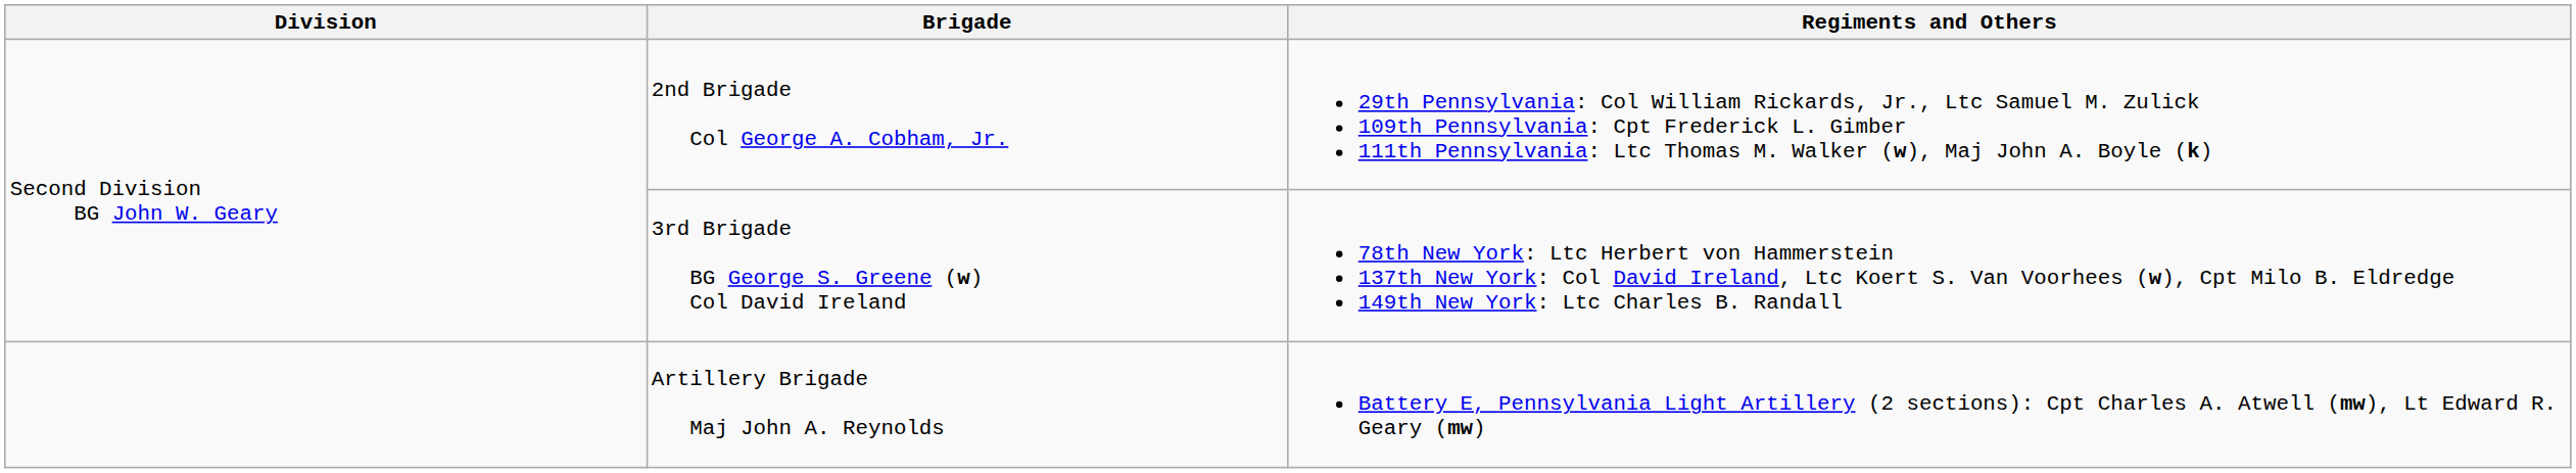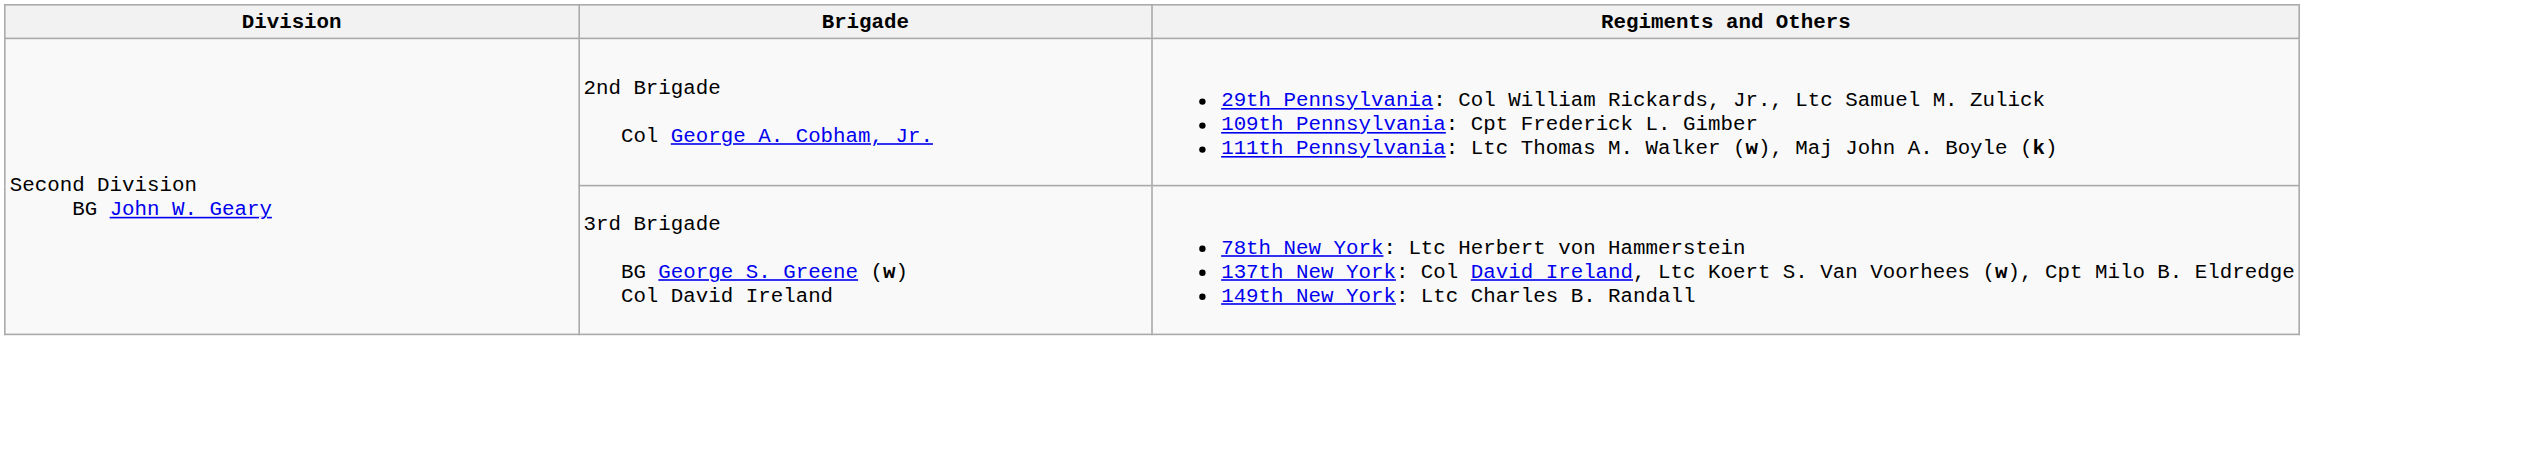 <table class="wikitable">
 <tr>
 <th width=25%>Division</th>
 <th width=25%>Brigade</th>
 <th>Regiments and Others</th>
 </tr>
 <tr>
 <td rowspan=2><br>Second Division <br>     BG <a href='#'>John W. Geary</a></td>
 <td>2nd Brigade<br><br>   Col <a href='#'>George A. Cobham, Jr.</a></td>
 <td><br><ul><li><a href='#'>29th Pennsylvania</a>: Col William Rickards, Jr., Ltc Samuel M. Zulick</li><li><a href='#'>109th Pennsylvania</a>: Cpt Frederick L. Gimber</li><li><a href='#'>111th Pennsylvania</a>: Ltc Thomas M. Walker (<strong>w</strong>), Maj John A. Boyle (<strong>k</strong>)</li></ul></td>
 </tr>
 <tr>
 <td>3rd Brigade<br><br>   BG <a href='#'>George S. Greene</a> (<strong>w</strong>) <br>   Col David Ireland</td>
 <td><br><ul><li><a href='#'>78th New York</a>: Ltc Herbert von Hammerstein</li><li><a href='#'>137th New York</a>: Col <a href='#'>David Ireland</a>, Ltc Koert S. Van Voorhees (<strong>w</strong>), Cpt Milo B. Eldredge</li><li><a href='#'>149th New York</a>: Ltc Charles B. Randall</li></ul></td>
 </tr>
-<tr>
-<td></td>
-<td>Artillery Brigade<br><br>   Maj John A. Reynolds</td>
-<td><br><ul><li><a href='#'>Battery E, Pennsylvania Light Artillery</a> (2 sections): Cpt Charles A. Atwell (<strong>mw</strong>), Lt Edward R. Geary (<strong>mw</strong>)</li></ul></td>
-</tr>
 </table>
